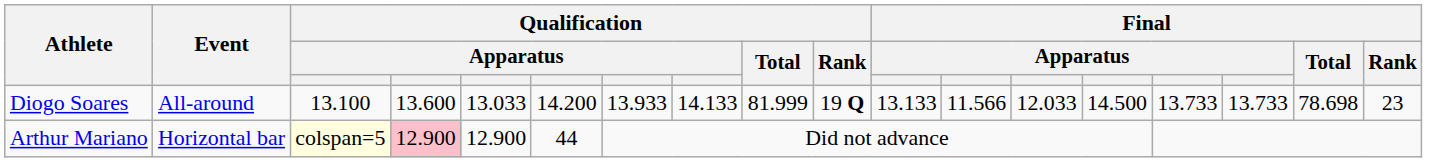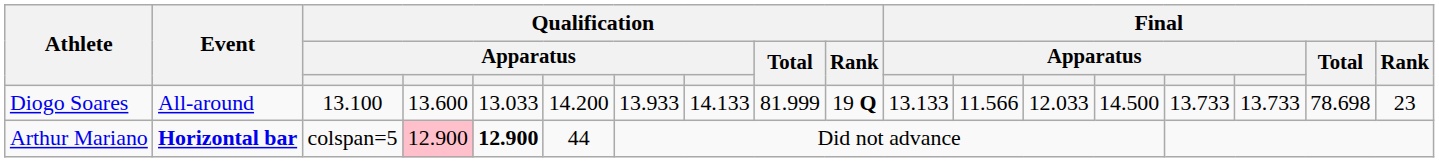 <table class="wikitable" style="font-size:90%">
 <tr>
 <th rowspan=3>Athlete</th>
 <th rowspan=3>Event</th>
 <th colspan =8>Qualification</th>
 <th colspan =8>Final</th>
 </tr>
 <tr style="font-size:95%">
 <th colspan=6>Apparatus</th>
 <th rowspan=2>Total</th>
 <th rowspan=2>Rank</th>
 <th colspan=6>Apparatus</th>
 <th rowspan=2>Total</th>
 <th rowspan=2>Rank</th>
 </tr>
 <tr style="font-size:95%">
 <th></th>
 <th></th>
 <th></th>
 <th></th>
 <th></th>
 <th></th>
 <th></th>
 <th></th>
 <th></th>
 <th></th>
 <th></th>
 <th></th>
 </tr>
 <tr align=center>
 <td align=left><a href='#'>Diogo Soares</a></td>
 <td align=left><a href='#'>All-around</a></td>
 <td>13.100</td>
 <td>13.600</td>
 <td>13.033</td>
 <td>14.200</td>
 <td>13.933</td>
 <td>14.133</td>
 <td>81.999</td>
 <td>19 <strong>Q</strong></td>
 <td>13.133</td>
 <td>11.566</td>
 <td>12.033</td>
 <td>14.500</td>
 <td>13.733</td>
 <td>13.733</td>
 <td>78.698</td>
 <td>23</td>
 </tr>
 <tr align=center>
 <td align=left><a href='#'>Arthur Mariano</a></td>
-<td align=left><a href='#'>Horizontal bar</a></td>
-<td style="background: lightyellow;">colspan=5 </td>
+<td align=left><strong><a href='#'>Horizontal bar</a></strong></td>
+<td>colspan=5 </td>
 <td style="background: pink;">12.900</td>
-<td>12.900</td>
+<td><strong>12.900</strong></td>
 <td>44</td>
 <td colspan=8>Did not advance</td>
 </tr>
 </table>
